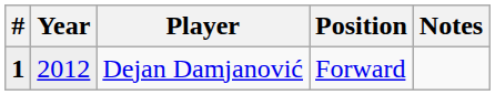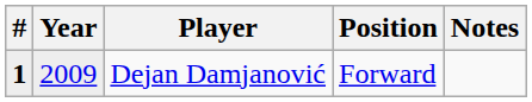 <table class="wikitable" style="text-left:center">
 <tr>
 <th>#</th>
 <th>Year</th>
 <th>Player</th>
 <th>Position</th>
 <th>Notes</th>
 </tr>
 <tr>
 <td style="background:#eeeeee"><strong>1</strong></td>
-<td style="background:#eeeeee"><a href='#'>2012</a></td>
+<td style="background:#eeeeee"><a href='#'>2009</a></td>
 <td> <a href='#'>Dejan Damjanović</a></td>
 <td><a href='#'>Forward</a></td>
 <td></td>
 </tr>
 </table>
